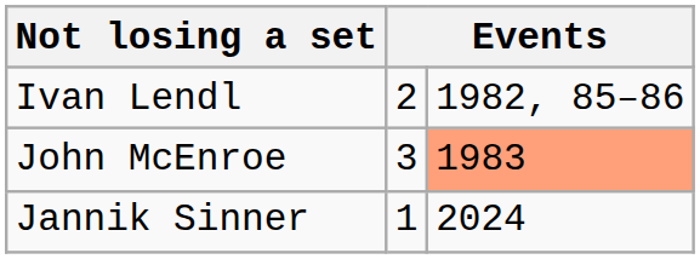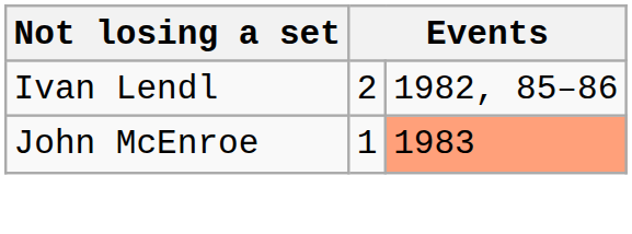 <table class="wikitable" style="display:inline-table;">
 <tr>
 <th>Not losing a set</th>
 <th colspan="2">Events</th>
 </tr>
 <tr>
 <td> Ivan Lendl</td>
 <td>2</td>
 <td>1982, 85–86</td>
 </tr>
 <tr>
 <td> John McEnroe</td>
-<td>3</td>
+<td>1</td>
 <td style="background: lightsalmon;">1983</td>
 </tr>
-<tr>
-<td> Jannik Sinner</td>
-<td>1</td>
-<td>2024</td>
-</tr>
 </table>
